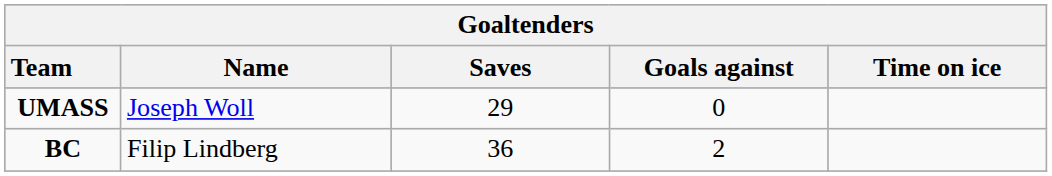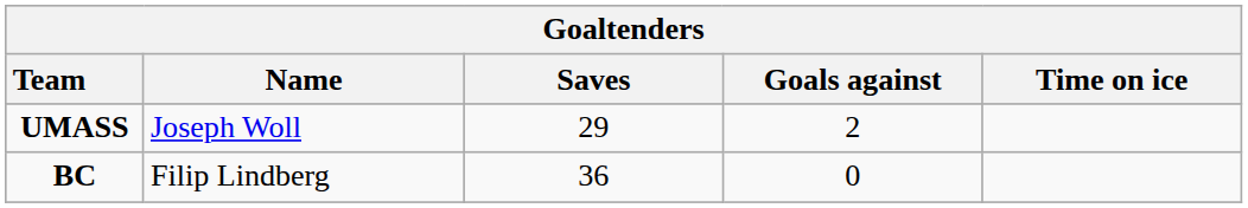 <table class="wikitable" style="width:40em; text-align:right;">
 <tr>
 <th colspan=5>Goaltenders</th>
 </tr>
 <tr>
 <th style="width:4em; text-align:left;">Team</th>
 <th style="width:10em;">Name</th>
 <th style="width:8em;">Saves</th>
 <th style="width:8em;">Goals against</th>
 <th style="width:8em;">Time on ice</th>
 </tr>
 <tr>
 <td align=center><strong>UMASS</strong></td>
 <td style="text-align:left;"><a href='#'>Joseph Woll</a></td>
 <td align=center>29</td>
-<td align=center>0</td>
+<td align=center>2</td>
 <td align=center></td>
 </tr>
 <tr>
 <td align=center><strong>BC</strong></td>
 <td style="text-align:left;">Filip Lindberg</td>
 <td align=center>36</td>
-<td align=center>2</td>
+<td align=center>0</td>
 <td align=center></td>
 </tr>
 </table>
